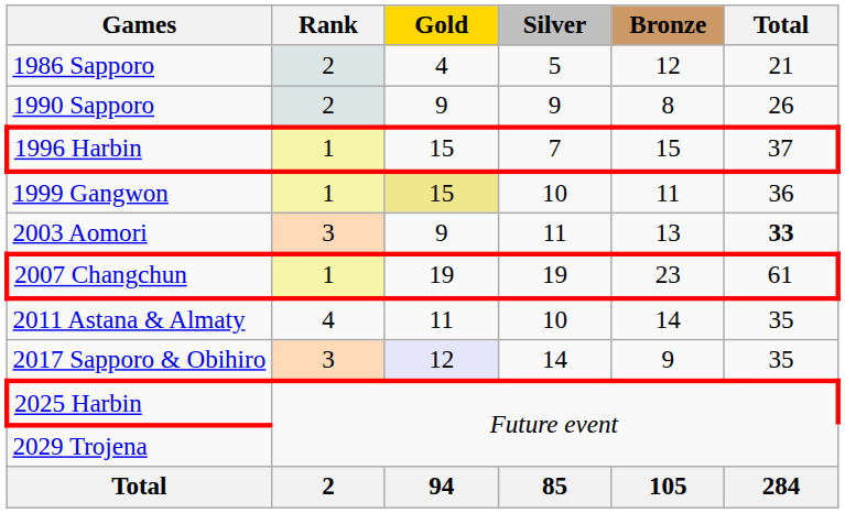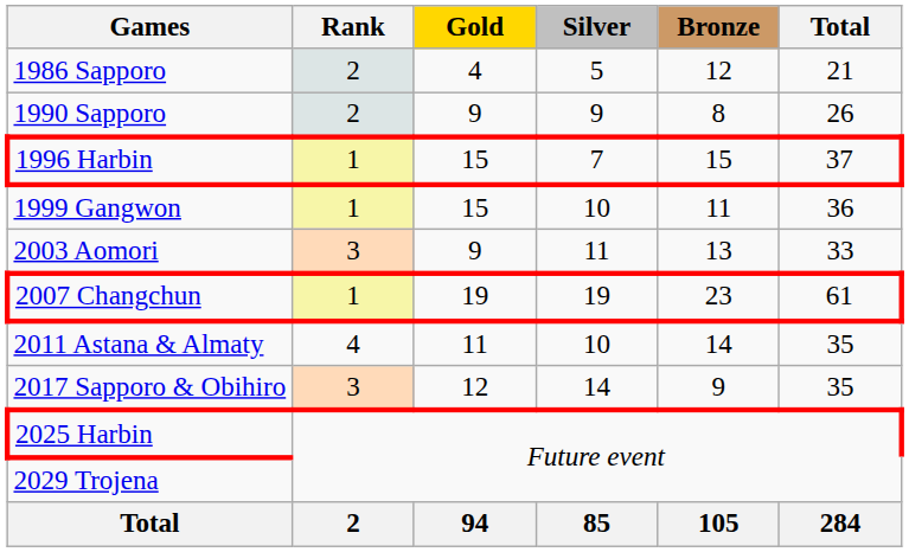 <table class="wikitable sortable" style="margin-top:0em; text-align:center; font-size:100%;">
 <tr>
 <th>Games</th>
 <th style="width:4em;">Rank</th>
 <th style="background:gold; width:4em;"><strong>Gold</strong></th>
 <th style="background:silver; width:4em;"><strong>Silver</strong></th>
 <th style="background:#cc9966; width:4em;"><strong>Bronze</strong></th>
 <th style="width:4em;">Total</th>
 </tr>
 <tr>
 <td align=left> <a href='#'>1986 Sapporo</a></td>
 <td bgcolor="dce5e5">2</td>
 <td>4</td>
 <td>5</td>
 <td>12</td>
 <td>21</td>
 </tr>
 <tr>
 <td align=left> <a href='#'>1990 Sapporo</a></td>
 <td bgcolor=dce5e5>2</td>
 <td>9</td>
 <td>9</td>
 <td>8</td>
 <td>26</td>
 </tr>
 <tr style="border: 3px solid red">
 <td align=left> <a href='#'>1996 Harbin</a></td>
 <td bgcolor=f7f6a8>1</td>
 <td>15</td>
 <td>7</td>
 <td>15</td>
 <td>37</td>
 </tr>
 <tr>
 <td align=left> <a href='#'>1999 Gangwon</a></td>
 <td bgcolor=f7f6a8>1</td>
-<td style="background: khaki;">15</td>
+<td>15</td>
 <td>10</td>
 <td>11</td>
 <td>36</td>
 </tr>
 <tr>
 <td align=left> <a href='#'>2003 Aomori</a></td>
 <td bgcolor=ffdab9>3</td>
 <td>9</td>
 <td>11</td>
 <td>13</td>
-<td><strong>33</strong></td>
+<td>33</td>
 </tr>
 <tr style="border: 3px solid red">
 <td align=left> <a href='#'>2007 Changchun</a></td>
 <td bgcolor=f7f6a8>1</td>
 <td>19</td>
 <td>19</td>
 <td>23</td>
 <td>61</td>
 </tr>
 <tr>
 <td align=left> <a href='#'>2011 Astana & Almaty</a></td>
 <td>4</td>
 <td>11</td>
 <td>10</td>
 <td>14</td>
 <td>35</td>
 </tr>
 <tr>
 <td align=left> <a href='#'>2017 Sapporo & Obihiro</a></td>
 <td bgcolor=ffdab9>3</td>
-<td style="background: lavender;">12</td>
+<td>12</td>
 <td>14</td>
 <td>9</td>
 <td>35</td>
 </tr>
 <tr style="border: 3px solid red">
 <td align=left> <a href='#'>2025 Harbin</a></td>
 <td rowspan=2 colspan=5><em>Future event</em></td>
 </tr>
 <tr>
 <td align=left> <a href='#'>2029 Trojena</a></td>
 </tr>
 <tr>
 <th>Total</th>
 <th>2</th>
 <th>94</th>
 <th>85</th>
 <th>105</th>
 <th>284</th>
 </tr>
 </table>
